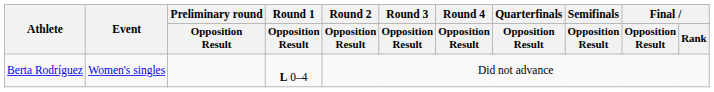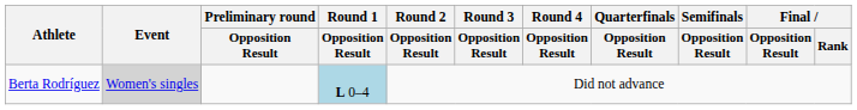 <table class="wikitable" style="font-size:90%">
 <tr>
 <th rowspan="2">Athlete</th>
 <th rowspan="2">Event</th>
 <th>Preliminary round</th>
 <th>Round 1</th>
 <th>Round 2</th>
 <th>Round 3</th>
 <th>Round 4</th>
 <th>Quarterfinals</th>
 <th>Semifinals</th>
 <th colspan=2>Final / </th>
 </tr>
 <tr style="font-size:95%">
 <th>Opposition<br>Result</th>
 <th>Opposition<br>Result</th>
 <th>Opposition<br>Result</th>
 <th>Opposition<br>Result</th>
 <th>Opposition<br>Result</th>
 <th>Opposition<br>Result</th>
 <th>Opposition<br>Result</th>
 <th>Opposition<br>Result</th>
 <th>Rank</th>
 </tr>
 <tr align=center>
 <td align=left><a href='#'>Berta Rodríguez</a></td>
-<td align=left><a href='#'>Women's singles</a></td>
+<td align=left style="background: lightgrey;"><a href='#'>Women's singles</a></td>
 <td></td>
-<td><br><strong>L</strong> 0–4</td>
+<td style="background: lightblue;"><br><strong>L</strong> 0–4</td>
 <td colspan=7>Did not advance</td>
 </tr>
 </table>
